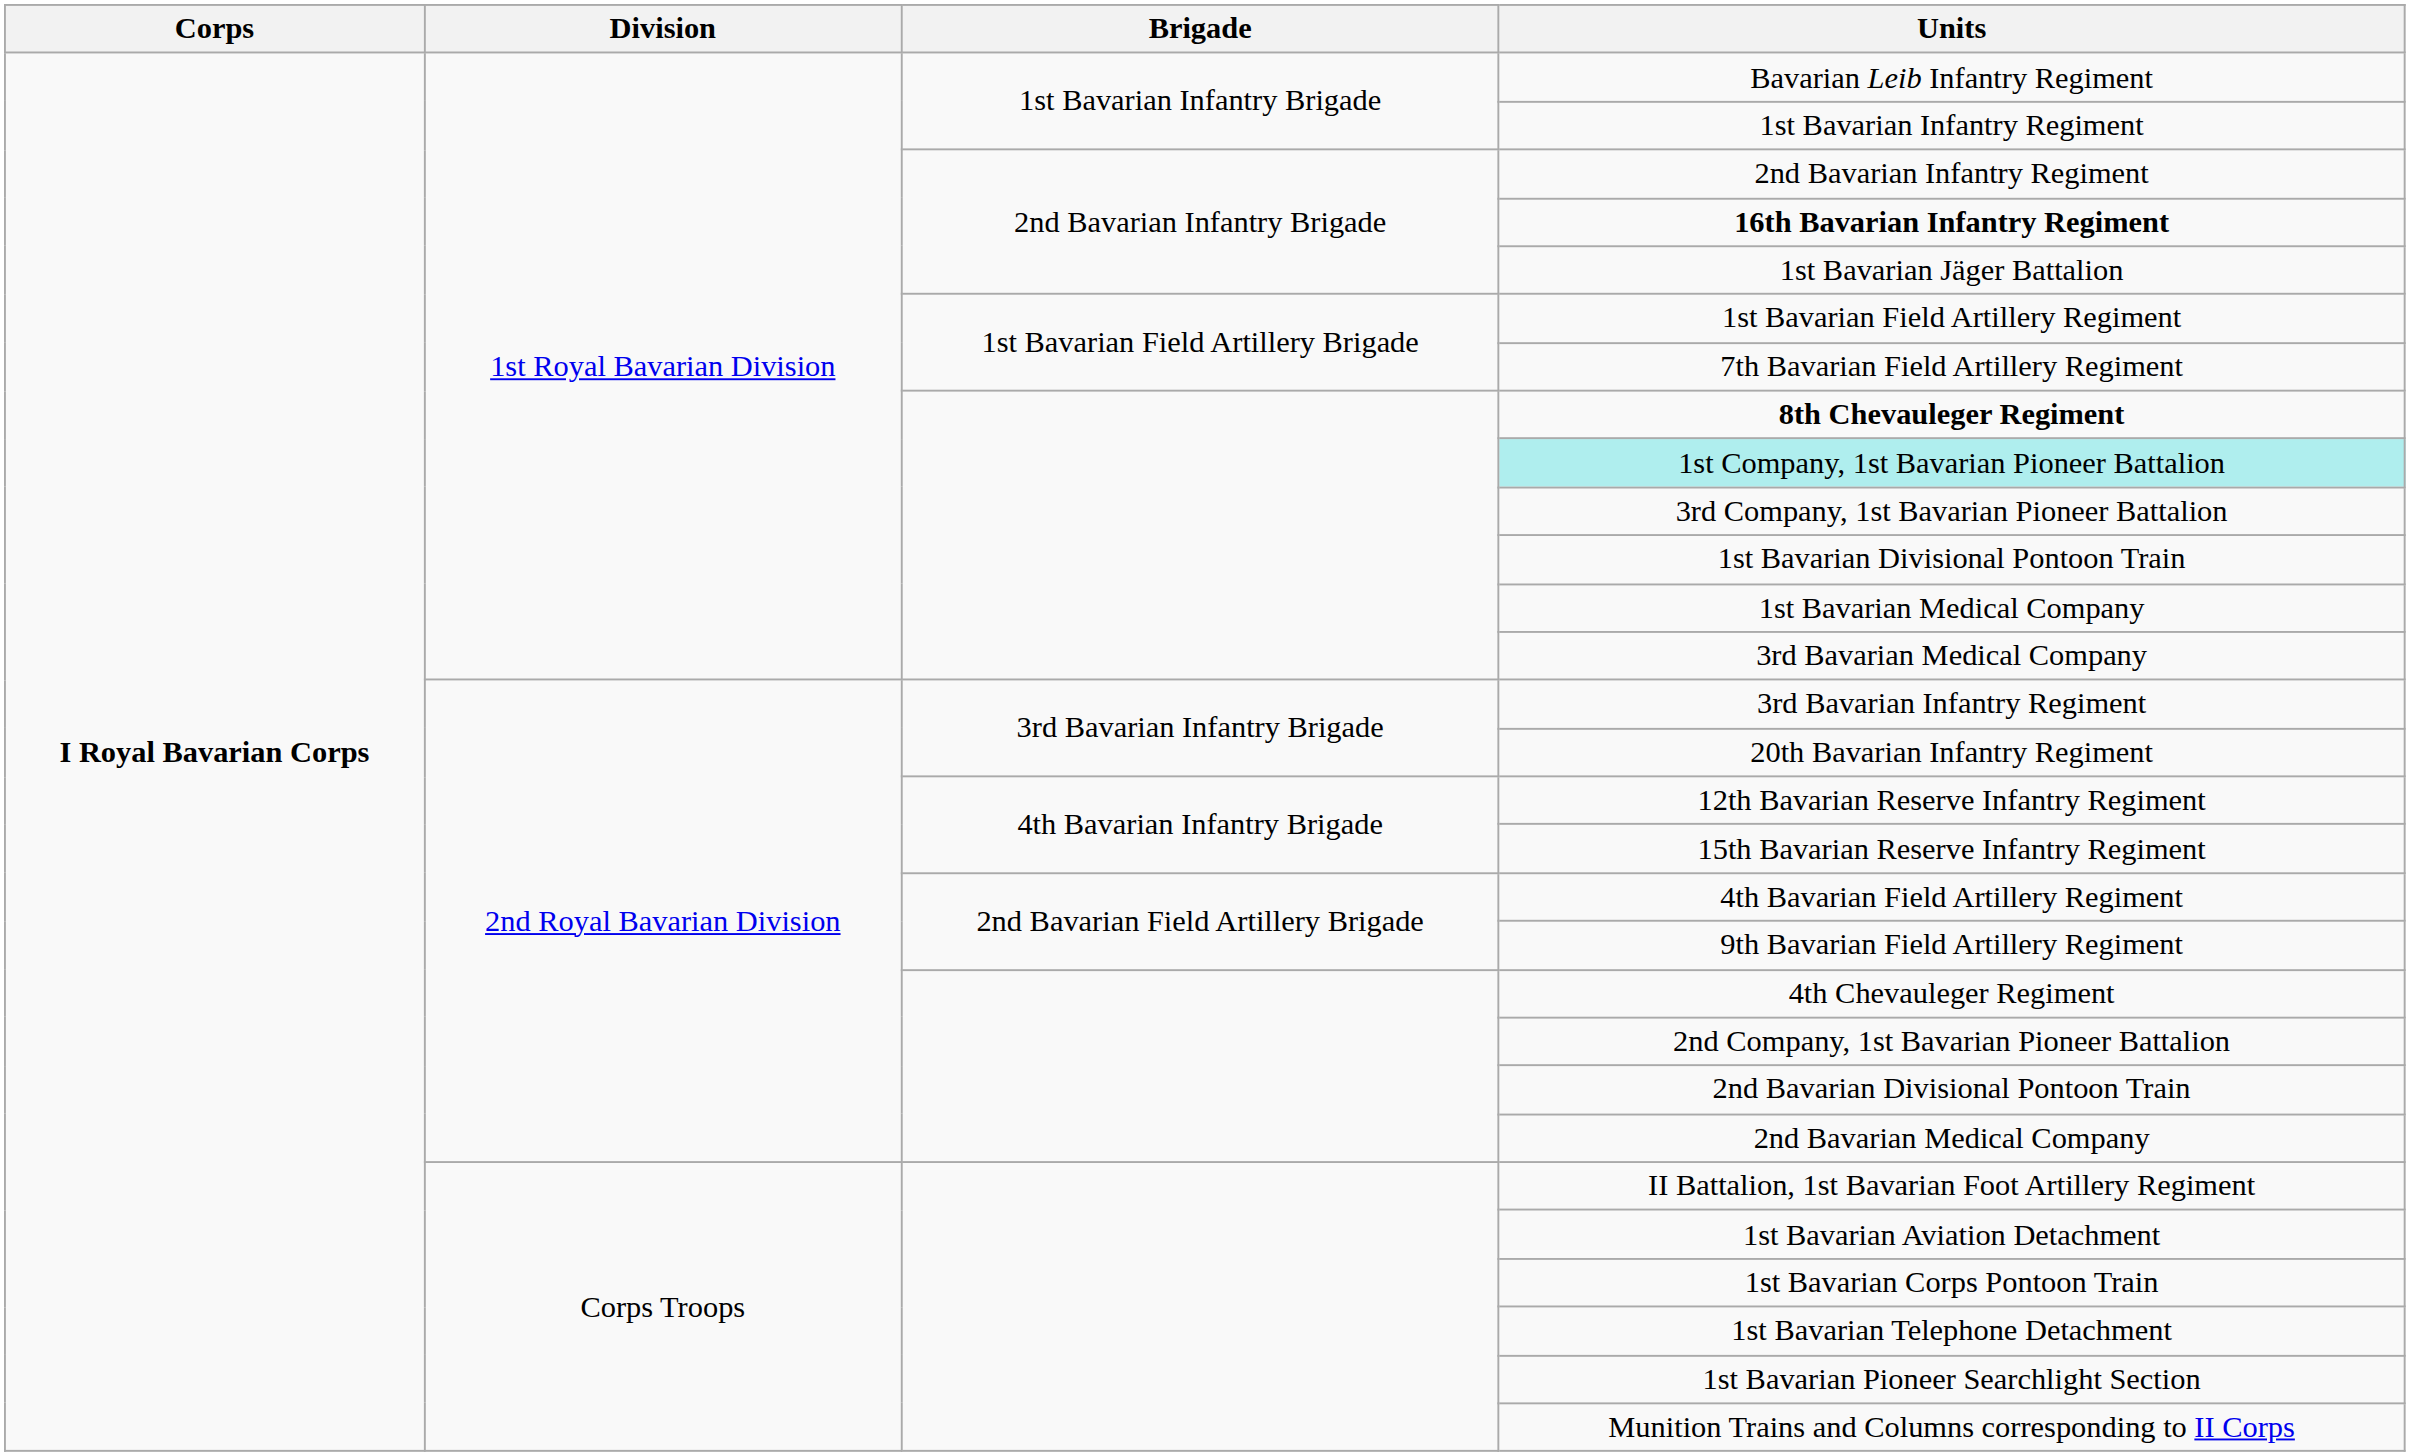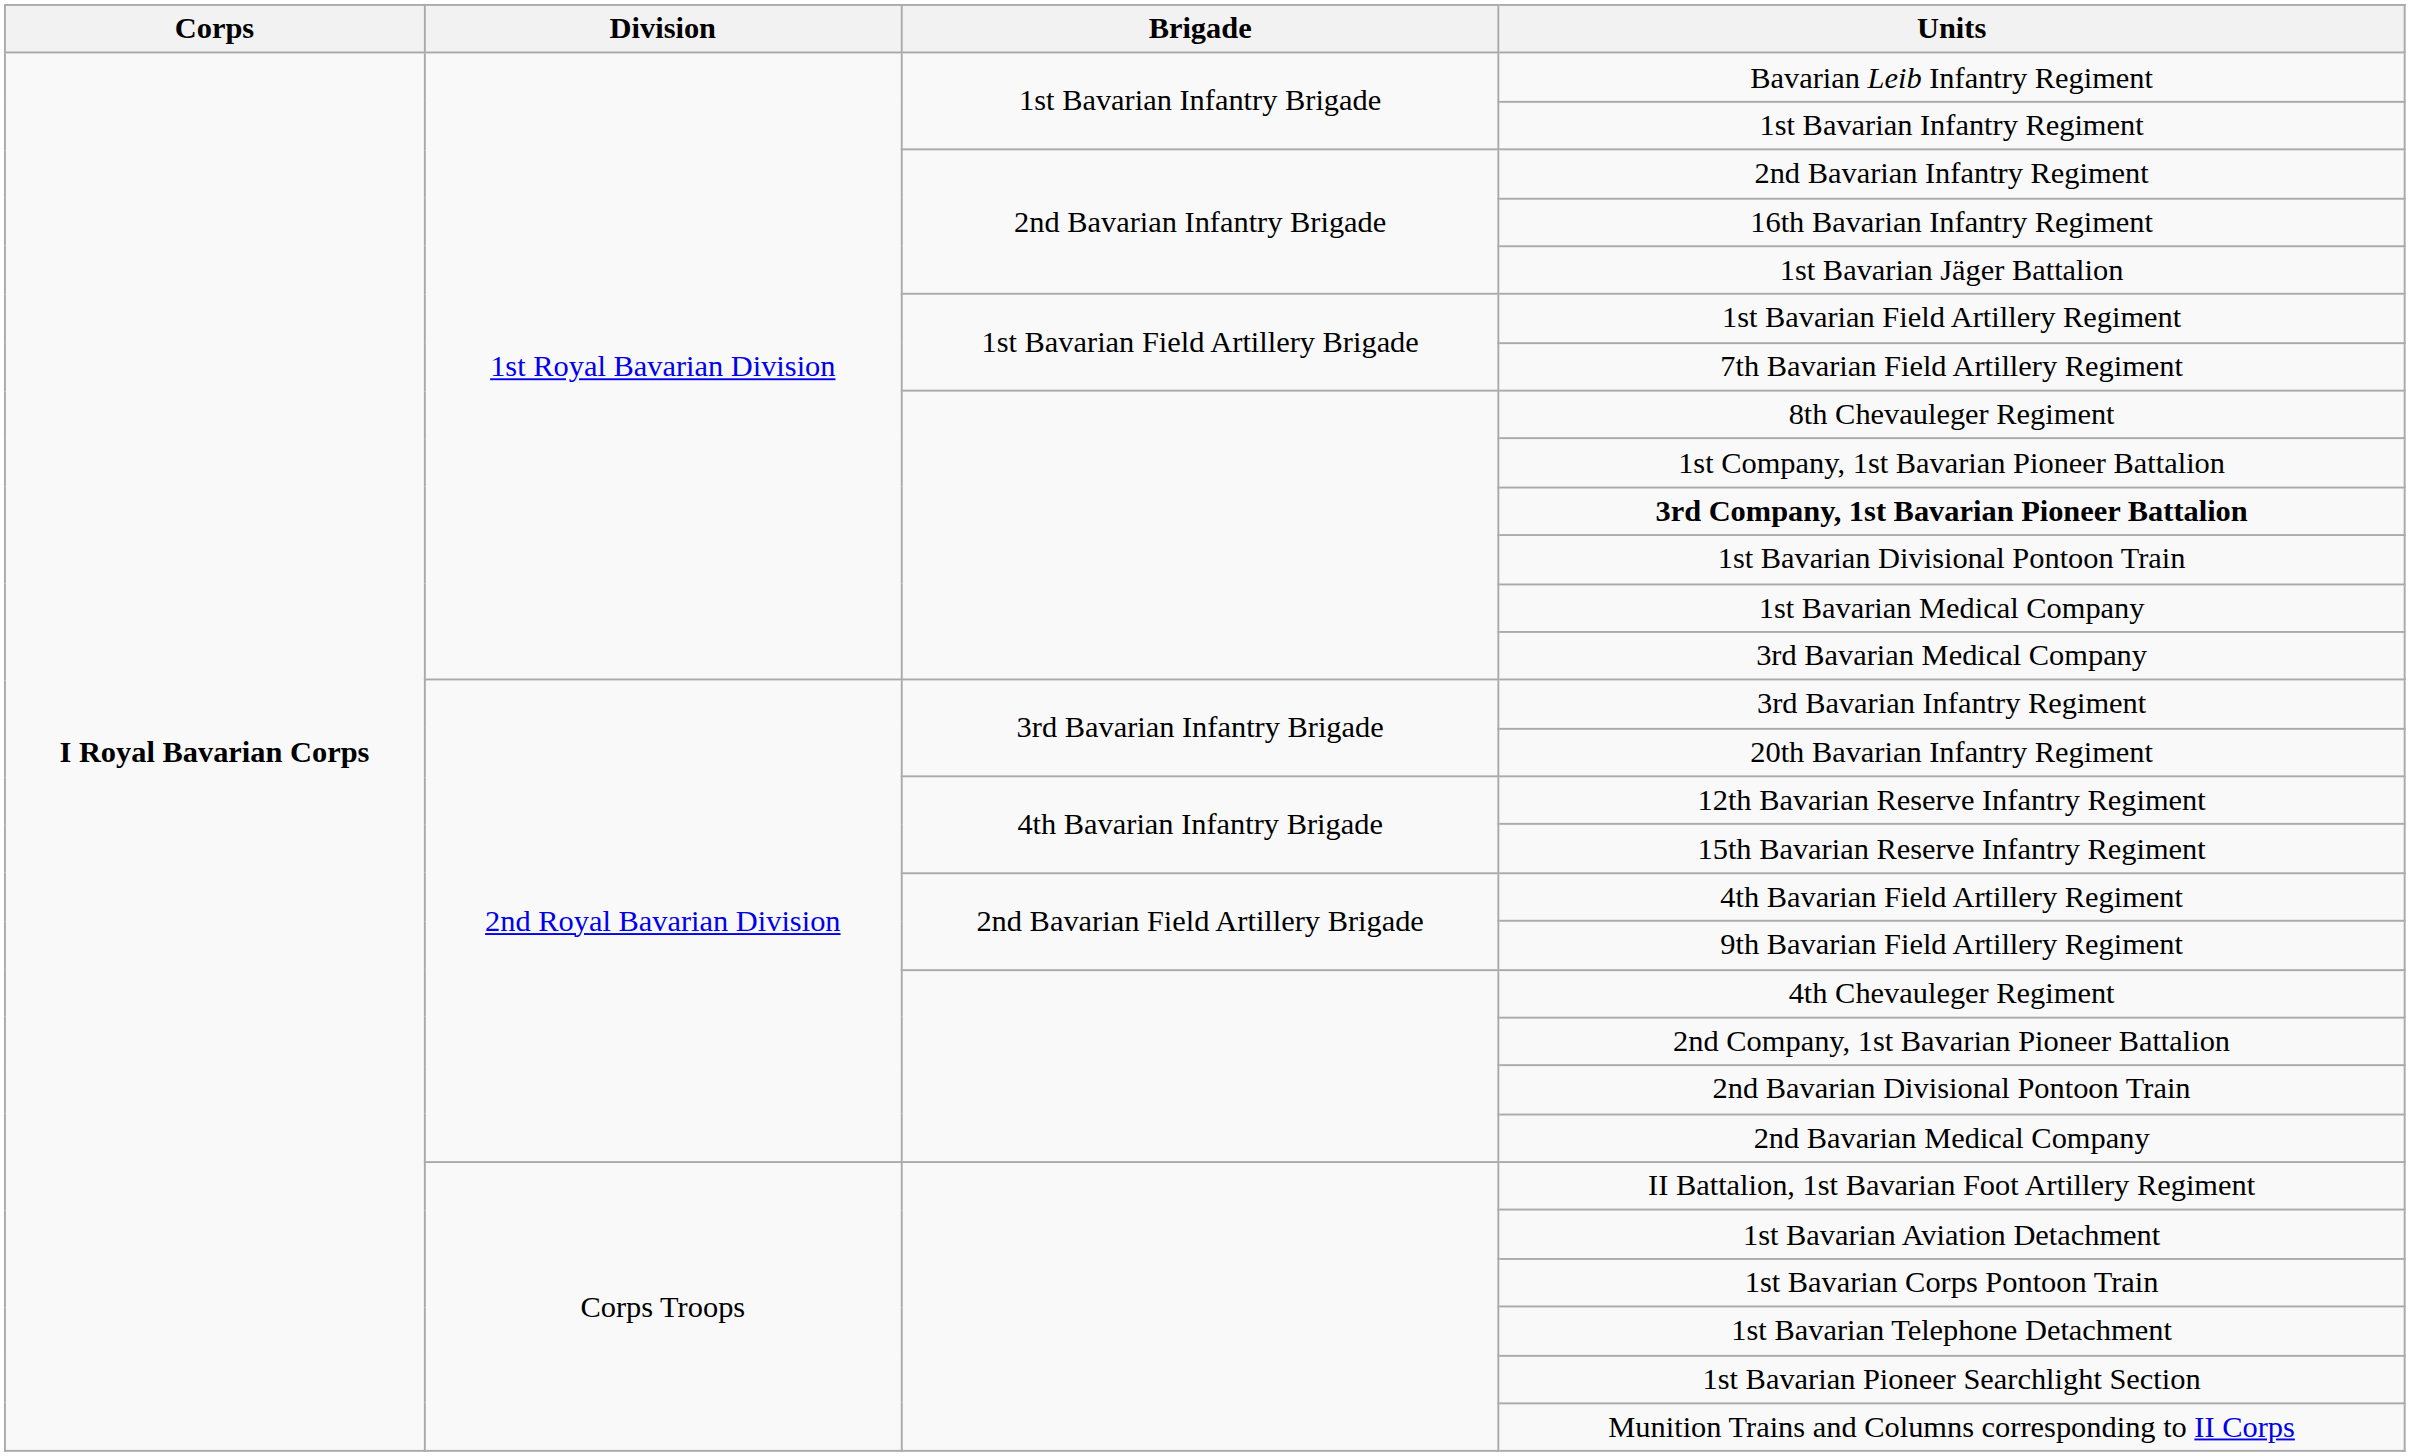 <table class="wikitable collapsible collapsed" style="text-align:center; width:100%;">
 <tr>
 <th>Corps</th>
 <th>Division</th>
 <th>Brigade</th>
 <th>Units</th>
 </tr>
 <tr>
 <td ROWSPAN=29><strong>I Royal Bavarian Corps</strong></td>
 <td ROWSPAN=13><a href='#'>1st Royal Bavarian Division</a></td>
 <td ROWSPAN=2>1st Bavarian Infantry Brigade</td>
 <td>Bavarian <em>Leib</em> Infantry Regiment</td>
 </tr>
 <tr>
 <td>1st Bavarian Infantry Regiment</td>
 </tr>
 <tr>
 <td ROWSPAN=3>2nd Bavarian Infantry Brigade</td>
 <td>2nd Bavarian Infantry Regiment</td>
 </tr>
 <tr>
-<td><strong>16th Bavarian Infantry Regiment</strong></td>
+<td>16th Bavarian Infantry Regiment</td>
 </tr>
 <tr>
 <td>1st Bavarian Jäger Battalion</td>
 </tr>
 <tr>
 <td ROWSPAN=2>1st Bavarian Field Artillery Brigade</td>
 <td>1st Bavarian Field Artillery Regiment</td>
 </tr>
 <tr>
 <td>7th Bavarian Field Artillery Regiment</td>
 </tr>
 <tr>
 <td ROWSPAN=6></td>
-<td><strong>8th Chevauleger Regiment</strong></td>
+<td>8th Chevauleger Regiment</td>
 </tr>
 <tr>
-<td style="background: paleturquoise;">1st Company, 1st Bavarian Pioneer Battalion</td>
+<td>1st Company, 1st Bavarian Pioneer Battalion</td>
 </tr>
 <tr>
-<td>3rd Company, 1st Bavarian Pioneer Battalion</td>
+<td><strong>3rd Company, 1st Bavarian Pioneer Battalion</strong></td>
 </tr>
 <tr>
 <td>1st Bavarian Divisional Pontoon Train</td>
 </tr>
 <tr>
 <td>1st Bavarian Medical Company</td>
 </tr>
 <tr>
 <td>3rd Bavarian Medical Company</td>
 </tr>
 <tr>
 <td ROWSPAN=10><a href='#'>2nd Royal Bavarian Division</a></td>
 <td ROWSPAN=2>3rd Bavarian Infantry Brigade</td>
 <td>3rd Bavarian Infantry Regiment</td>
 </tr>
 <tr>
 <td>20th Bavarian Infantry Regiment</td>
 </tr>
 <tr>
 <td ROWSPAN=2>4th Bavarian Infantry Brigade</td>
 <td>12th Bavarian Reserve Infantry Regiment</td>
 </tr>
 <tr>
 <td>15th Bavarian Reserve Infantry Regiment</td>
 </tr>
 <tr>
 <td ROWSPAN=2>2nd Bavarian Field Artillery Brigade</td>
 <td>4th Bavarian Field Artillery Regiment</td>
 </tr>
 <tr>
 <td>9th Bavarian Field Artillery Regiment</td>
 </tr>
 <tr>
 <td ROWSPAN=4></td>
 <td>4th Chevauleger Regiment</td>
 </tr>
 <tr>
 <td>2nd Company, 1st Bavarian Pioneer Battalion</td>
 </tr>
 <tr>
 <td>2nd Bavarian Divisional Pontoon Train</td>
 </tr>
 <tr>
 <td>2nd Bavarian Medical Company</td>
 </tr>
 <tr>
 <td ROWSPAN=6>Corps Troops</td>
 <td ROWSPAN=6></td>
 <td>II Battalion, 1st Bavarian Foot Artillery Regiment</td>
 </tr>
 <tr>
 <td>1st Bavarian Aviation Detachment</td>
 </tr>
 <tr>
 <td>1st Bavarian Corps Pontoon Train</td>
 </tr>
 <tr>
 <td>1st Bavarian Telephone Detachment</td>
 </tr>
 <tr>
 <td>1st Bavarian Pioneer Searchlight Section</td>
 </tr>
 <tr>
 <td>Munition Trains and Columns corresponding to <a href='#'>II Corps</a></td>
 </tr>
 </table>
